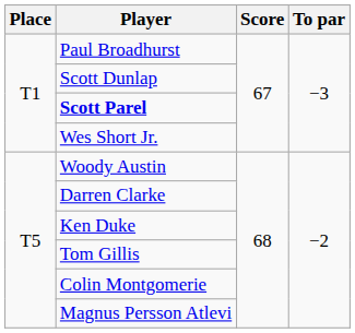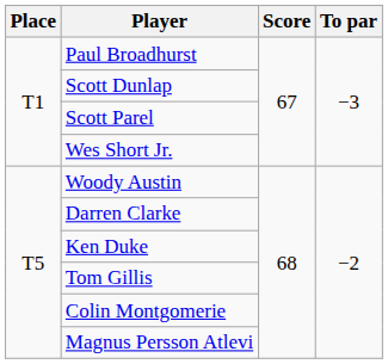 <table class="wikitable">
 <tr>
 <th>Place</th>
 <th>Player</th>
 <th>Score</th>
 <th>To par</th>
 </tr>
 <tr>
 <td rowspan="4" style="text-align:center;">T1</td>
 <td> <a href='#'>Paul Broadhurst</a></td>
 <td rowspan="4" style="text-align:center;">67</td>
 <td rowspan="4" style="text-align:center;">−3</td>
 </tr>
 <tr>
 <td> <a href='#'>Scott Dunlap</a></td>
 </tr>
 <tr>
-<td><strong> <a href='#'>Scott Parel</a></strong></td>
+<td> <a href='#'>Scott Parel</a></td>
 </tr>
 <tr>
 <td> <a href='#'>Wes Short Jr.</a></td>
 </tr>
 <tr>
 <td rowspan="6" style="text-align:center;">T5</td>
 <td> <a href='#'>Woody Austin</a></td>
 <td rowspan="6" style="text-align:center;">68</td>
 <td rowspan="6" style="text-align:center;">−2</td>
 </tr>
 <tr>
 <td> <a href='#'>Darren Clarke</a></td>
 </tr>
 <tr>
 <td> <a href='#'>Ken Duke</a></td>
 </tr>
 <tr>
 <td> <a href='#'>Tom Gillis</a></td>
 </tr>
 <tr>
 <td> <a href='#'>Colin Montgomerie</a></td>
 </tr>
 <tr>
 <td> <a href='#'>Magnus Persson Atlevi</a></td>
 </tr>
 </table>
